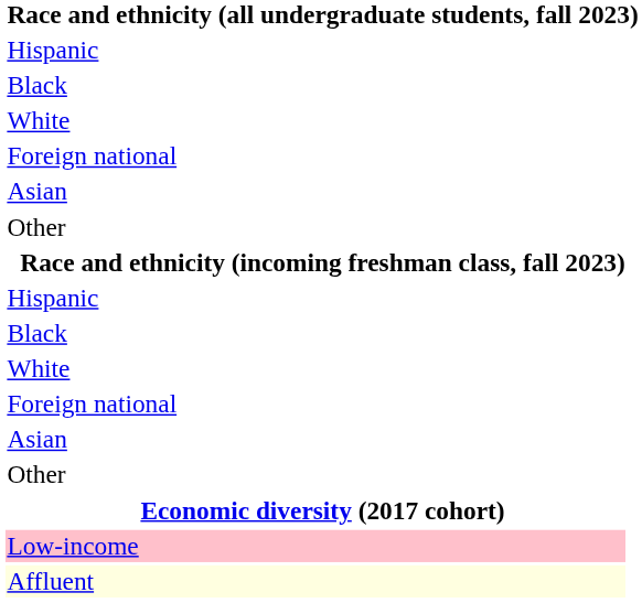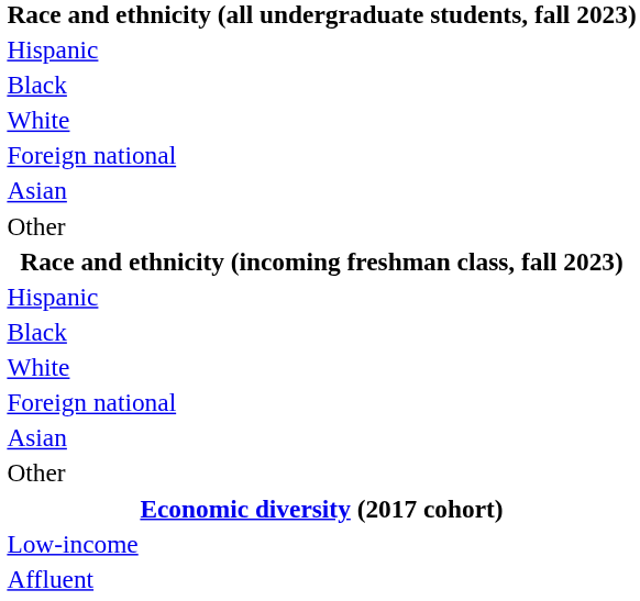 <table font-size:80%;">
 <tr>
 <th colspan="4" data-sort-type=number>Race and ethnicity (all undergraduate students, fall 2023)</th>
 </tr>
 <tr>
 <td><a href='#'>Hispanic</a></td>
 <td align=right></td>
 </tr>
 <tr>
 <td><a href='#'>Black</a></td>
 <td align=right></td>
 </tr>
 <tr>
 <td><a href='#'>White</a></td>
 <td align=right></td>
 </tr>
 <tr>
 <td><a href='#'>Foreign national</a></td>
 <td align=right></td>
 </tr>
 <tr>
 <td><a href='#'>Asian</a></td>
 <td align=right></td>
 </tr>
 <tr>
 <td>Other</td>
 <td align=right></td>
 </tr>
 <tr>
 <th colspan="4" data-sort-type=number>Race and ethnicity (incoming freshman class, fall 2023)</th>
 </tr>
 <tr>
 <td><a href='#'>Hispanic</a></td>
 <td align=right></td>
 </tr>
 <tr>
 <td><a href='#'>Black</a></td>
 <td align=right></td>
 </tr>
 <tr>
 <td><a href='#'>White</a></td>
 <td align=right></td>
 </tr>
 <tr>
 <td><a href='#'>Foreign national</a></td>
 <td align=right></td>
 </tr>
 <tr>
 <td><a href='#'>Asian</a></td>
 <td align=right></td>
 </tr>
 <tr>
 <td>Other</td>
 <td align=right></td>
 </tr>
 <tr>
 <th colspan="4" data-sort-type=number><a href='#'>Economic diversity</a> (2017 cohort)</th>
 </tr>
 <tr>
-<td style="background: pink;"><a href='#'>Low-income</a></td>
+<td><a href='#'>Low-income</a></td>
 <td align=right></td>
 </tr>
 <tr>
-<td style="background: lightyellow;"><a href='#'>Affluent</a></td>
+<td><a href='#'>Affluent</a></td>
 <td align=right></td>
 </tr>
 </table>
